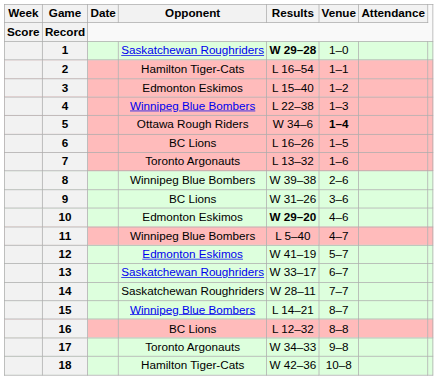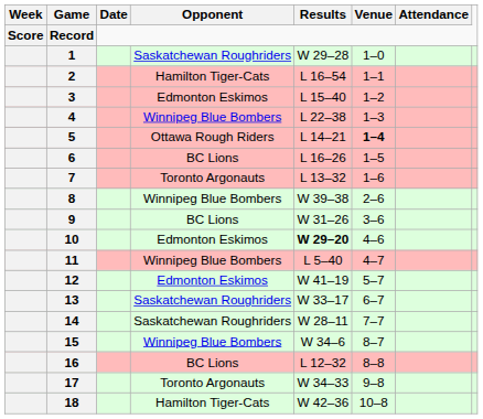 <table class="wikitable" style="text-align:center">
 <tr>
 <th>Week</th>
 <th>Game</th>
 <th>Date</th>
 <th>Opponent</th>
 <th>Results</th>
 <th>Venue</th>
 <th>Attendance</th>
 </tr>
 <tr>
 <th>Score</th>
 <th>Record</th>
 </tr>
 <tr style="background:#ddffdd">
 <th></th>
 <th>1</th>
 <td></td>
 <td><a href='#'>Saskatchewan Roughriders</a></td>
-<td><strong>W 29–28</strong></td>
+<td>W 29–28</td>
 <td>1–0</td>
 <td></td>
 <td></td>
 </tr>
 <tr style="background:#ffbbbb">
 <th></th>
 <th>2</th>
 <td></td>
 <td>Hamilton Tiger-Cats</td>
 <td>L 16–54</td>
 <td>1–1</td>
 <td></td>
 <td></td>
 </tr>
 <tr style="background:#ffbbbb">
 <th></th>
 <th>3</th>
 <td></td>
 <td>Edmonton Eskimos</td>
 <td>L 15–40</td>
 <td>1–2</td>
 <td></td>
 <td></td>
 </tr>
 <tr style="background:#ffbbbb">
 <th></th>
 <th>4</th>
 <td></td>
 <td><a href='#'>Winnipeg Blue Bombers</a></td>
 <td>L 22–38</td>
 <td>1–3</td>
 <td></td>
 <td></td>
 </tr>
 <tr style="background:#ffbbbb">
 <th></th>
 <th>5</th>
 <td></td>
 <td>Ottawa Rough Riders</td>
-<td>W 34–6</td>
+<td>L 14–21</td>
 <td><strong>1–4</strong></td>
 <td></td>
 <td></td>
 </tr>
 <tr style="background:#ffbbbb">
 <th></th>
 <th>6</th>
 <td></td>
 <td>BC Lions</td>
 <td>L 16–26</td>
 <td>1–5</td>
 <td></td>
 <td></td>
 </tr>
 <tr style="background:#ffbbbb">
 <th></th>
 <th>7</th>
 <td></td>
 <td>Toronto Argonauts</td>
 <td>L 13–32</td>
 <td>1–6</td>
 <td></td>
 <td></td>
 </tr>
 <tr style="background:#ddffdd">
 <th></th>
 <th>8</th>
 <td></td>
 <td>Winnipeg Blue Bombers</td>
 <td>W 39–38</td>
 <td>2–6</td>
 <td></td>
 <td></td>
 </tr>
 <tr style="background:#ddffdd">
 <th></th>
 <th>9</th>
 <td></td>
 <td>BC Lions</td>
 <td>W 31–26</td>
 <td>3–6</td>
 <td></td>
 <td></td>
 </tr>
 <tr style="background:#ddffdd">
 <th></th>
 <th>10</th>
 <td></td>
 <td>Edmonton Eskimos</td>
 <td><strong>W 29–20</strong></td>
 <td>4–6</td>
 <td></td>
 <td></td>
 </tr>
 <tr style="background:#ffbbbb">
 <th></th>
 <th>11</th>
 <td></td>
 <td>Winnipeg Blue Bombers</td>
 <td>L 5–40</td>
 <td>4–7</td>
 <td></td>
 <td></td>
 </tr>
 <tr style="background:#ddffdd">
 <th></th>
 <th>12</th>
 <td></td>
 <td><a href='#'>Edmonton Eskimos</a></td>
 <td>W 41–19</td>
 <td>5–7</td>
 <td></td>
 <td></td>
 </tr>
 <tr style="background:#ddffdd">
 <th></th>
 <th>13</th>
 <td></td>
 <td><a href='#'>Saskatchewan Roughriders</a></td>
 <td>W 33–17</td>
 <td>6–7</td>
 <td></td>
 <td></td>
 </tr>
 <tr style="background:#ddffdd">
 <th></th>
 <th>14</th>
 <td></td>
 <td>Saskatchewan Roughriders</td>
 <td>W 28–11</td>
 <td>7–7</td>
 <td></td>
 <td></td>
 </tr>
 <tr style="background:#ddffdd">
 <th></th>
 <th>15</th>
 <td></td>
 <td><a href='#'>Winnipeg Blue Bombers</a></td>
-<td>L 14–21</td>
+<td>W 34–6</td>
 <td>8–7</td>
 <td></td>
 <td></td>
 </tr>
 <tr style="background:#ffbbbb">
 <th></th>
 <th>16</th>
 <td></td>
 <td>BC Lions</td>
 <td>L 12–32</td>
 <td>8–8</td>
 <td></td>
 <td></td>
 </tr>
 <tr style="background:#ddffdd">
 <th></th>
 <th>17</th>
 <td></td>
 <td>Toronto Argonauts</td>
 <td>W 34–33</td>
 <td>9–8</td>
 <td></td>
 <td></td>
 </tr>
 <tr style="background:#ddffdd">
 <th></th>
 <th>18</th>
 <td></td>
 <td>Hamilton Tiger-Cats</td>
 <td>W 42–36</td>
 <td>10–8</td>
 <td></td>
 <td></td>
 </tr>
 </table>
